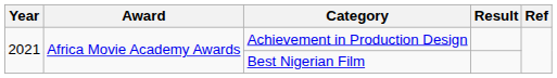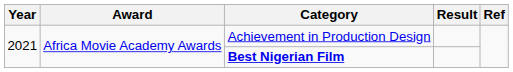 <table class="wikitable">
 <tr>
 <th>Year</th>
 <th>Award</th>
 <th>Category</th>
 <th>Result</th>
 <th>Ref</th>
 </tr>
 <tr>
 <td rowspan="2">2021</td>
 <td rowspan="2"><a href='#'>Africa Movie Academy Awards</a></td>
 <td><a href='#'>Achievement in Production Design</a></td>
 <td></td>
 <td rowspan="2"></td>
 </tr>
 <tr>
-<td><a href='#'>Best Nigerian Film</a></td>
+<td><strong><a href='#'>Best Nigerian Film</a></strong></td>
 <td></td>
 </tr>
 </table>
